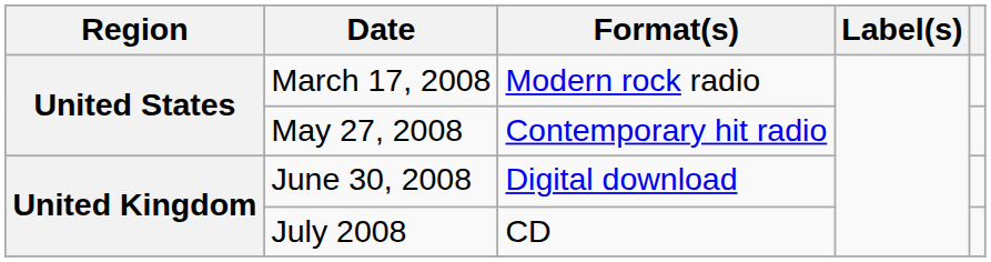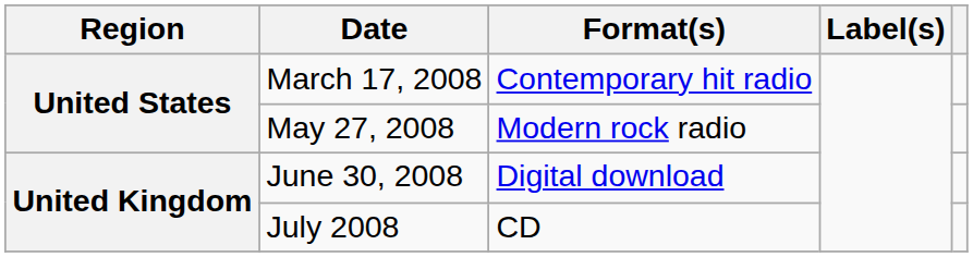 <table class="wikitable plainrowheaders">
 <tr>
 <th scope="col">Region</th>
 <th scope="col">Date</th>
 <th scope="col">Format(s)</th>
 <th scope="col">Label(s)</th>
 <th scope="col"></th>
 </tr>
 <tr>
 <th scope="row" rowspan="2">United States</th>
 <td>March 17, 2008</td>
-<td><a href='#'>Modern rock</a> radio</td>
+<td><a href='#'>Contemporary hit radio</a></td>
 <td rowspan="4"></td>
 <td></td>
 </tr>
 <tr>
 <td>May 27, 2008</td>
-<td><a href='#'>Contemporary hit radio</a></td>
+<td><a href='#'>Modern rock</a> radio</td>
 <td></td>
 </tr>
 <tr>
 <th scope="row" rowspan="2">United Kingdom</th>
 <td>June 30, 2008</td>
 <td><a href='#'>Digital download</a></td>
 <td></td>
 </tr>
 <tr>
 <td>July 2008</td>
 <td>CD</td>
 <td></td>
 </tr>
 </table>
